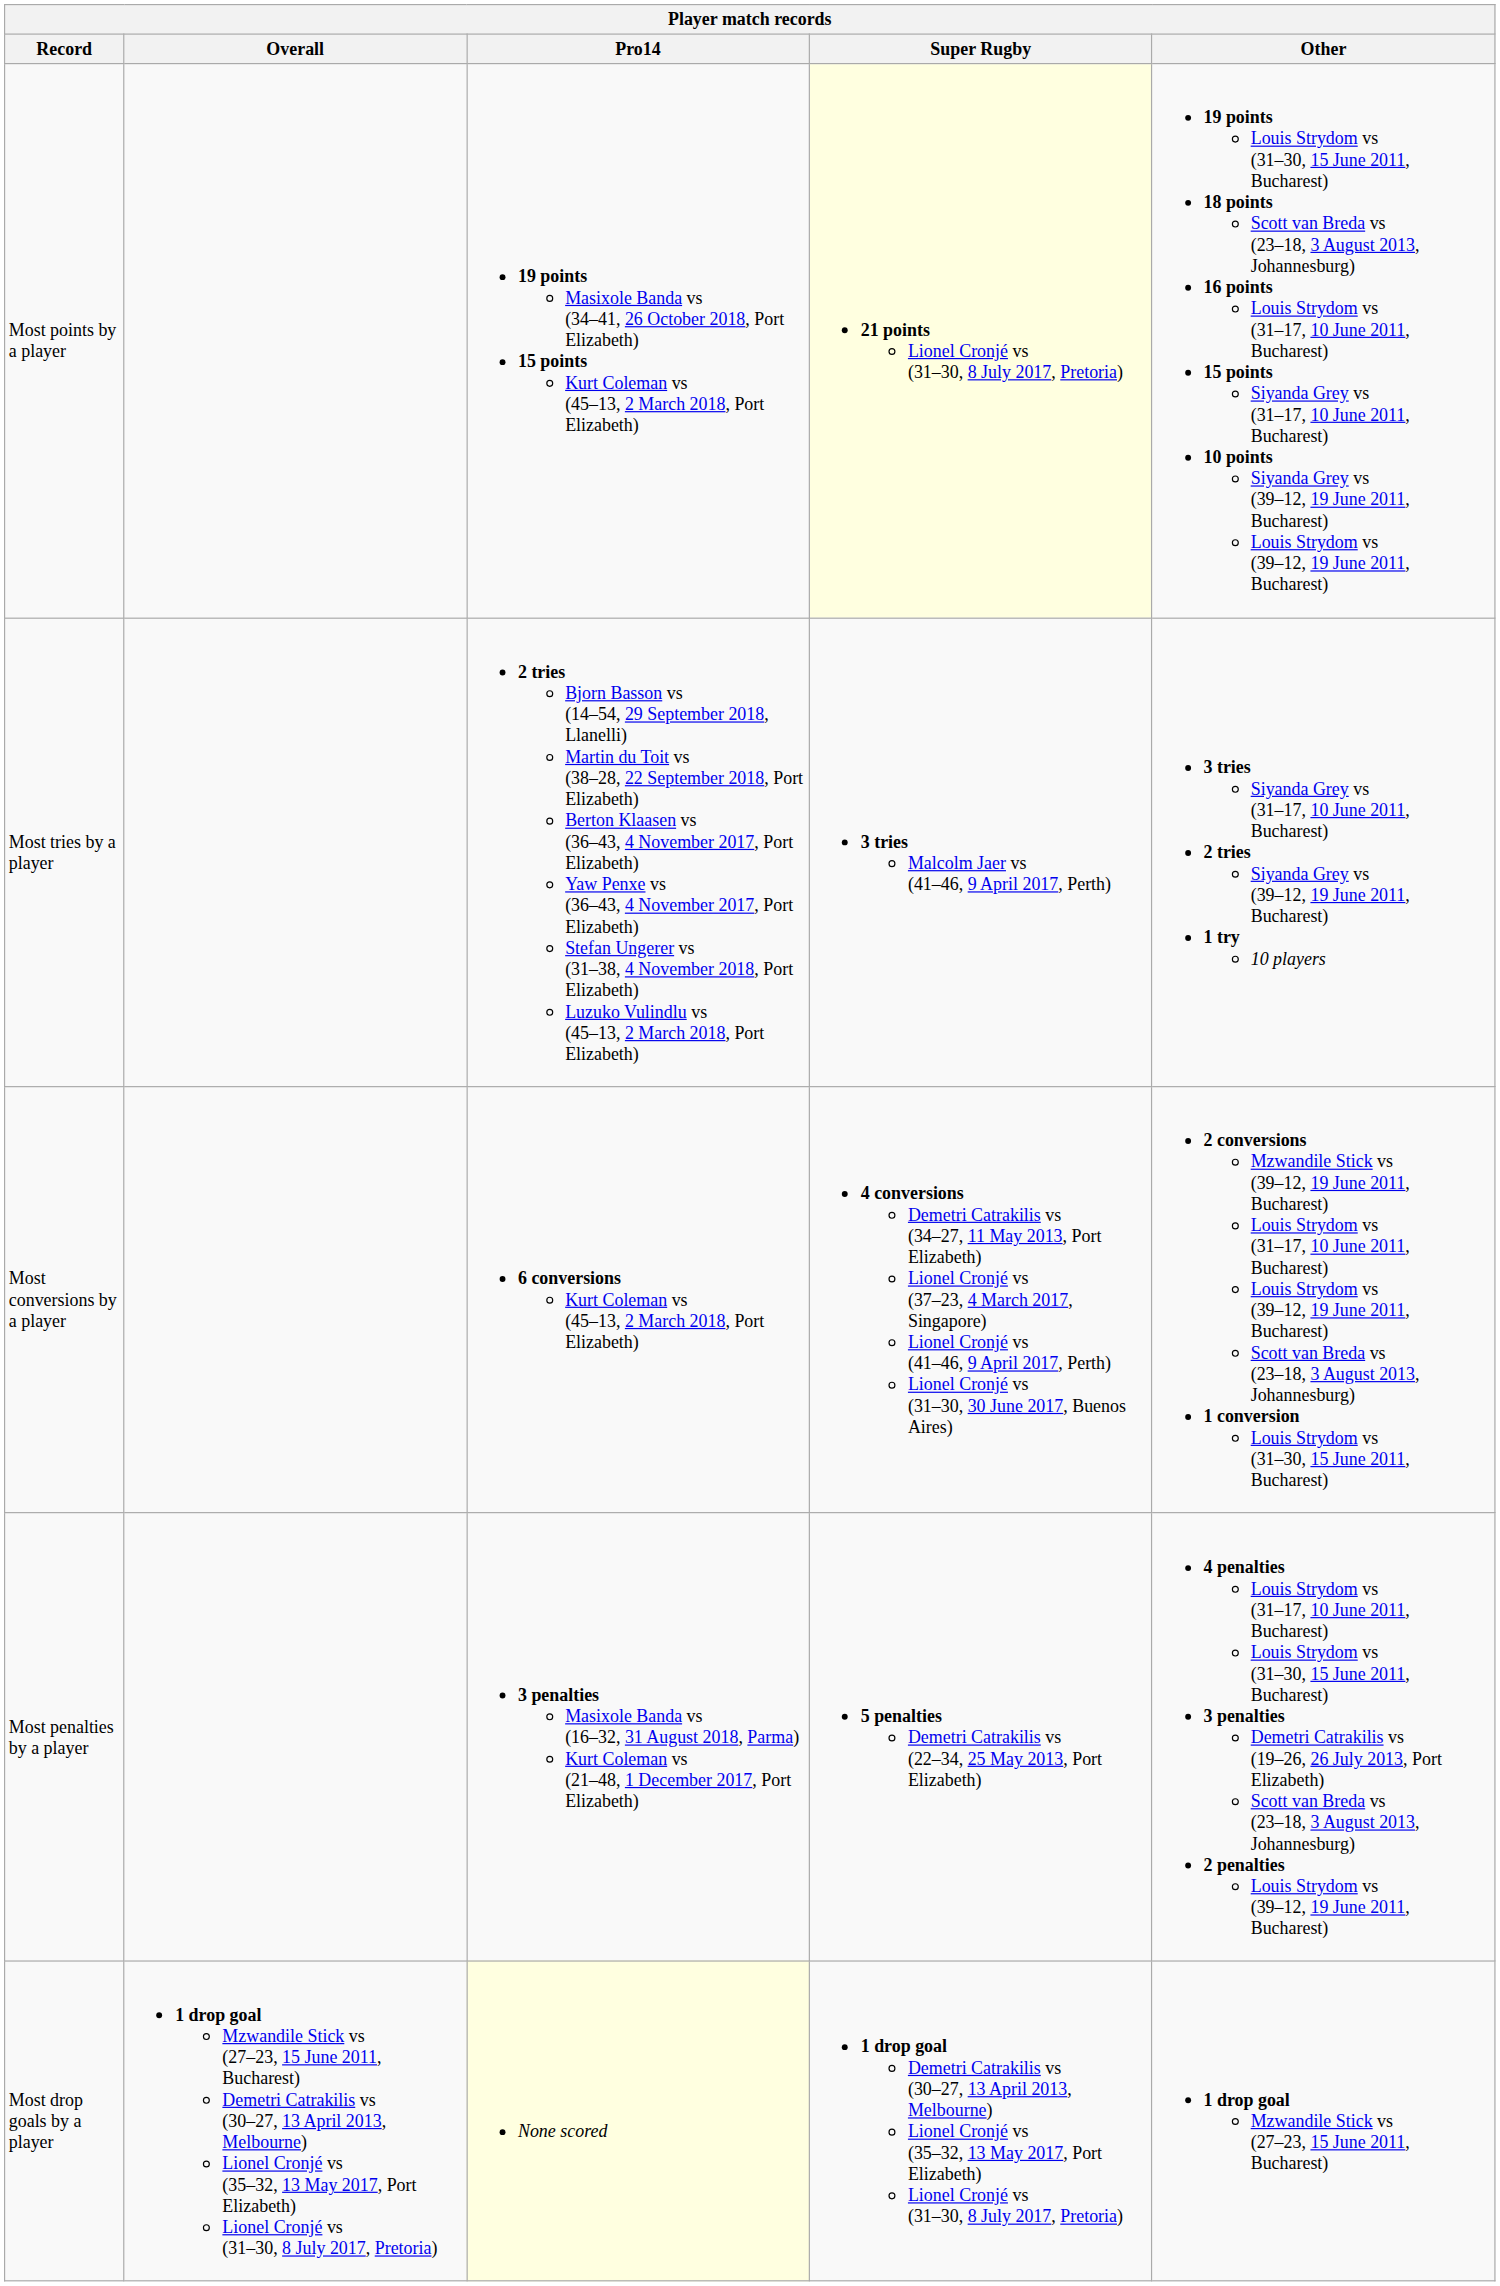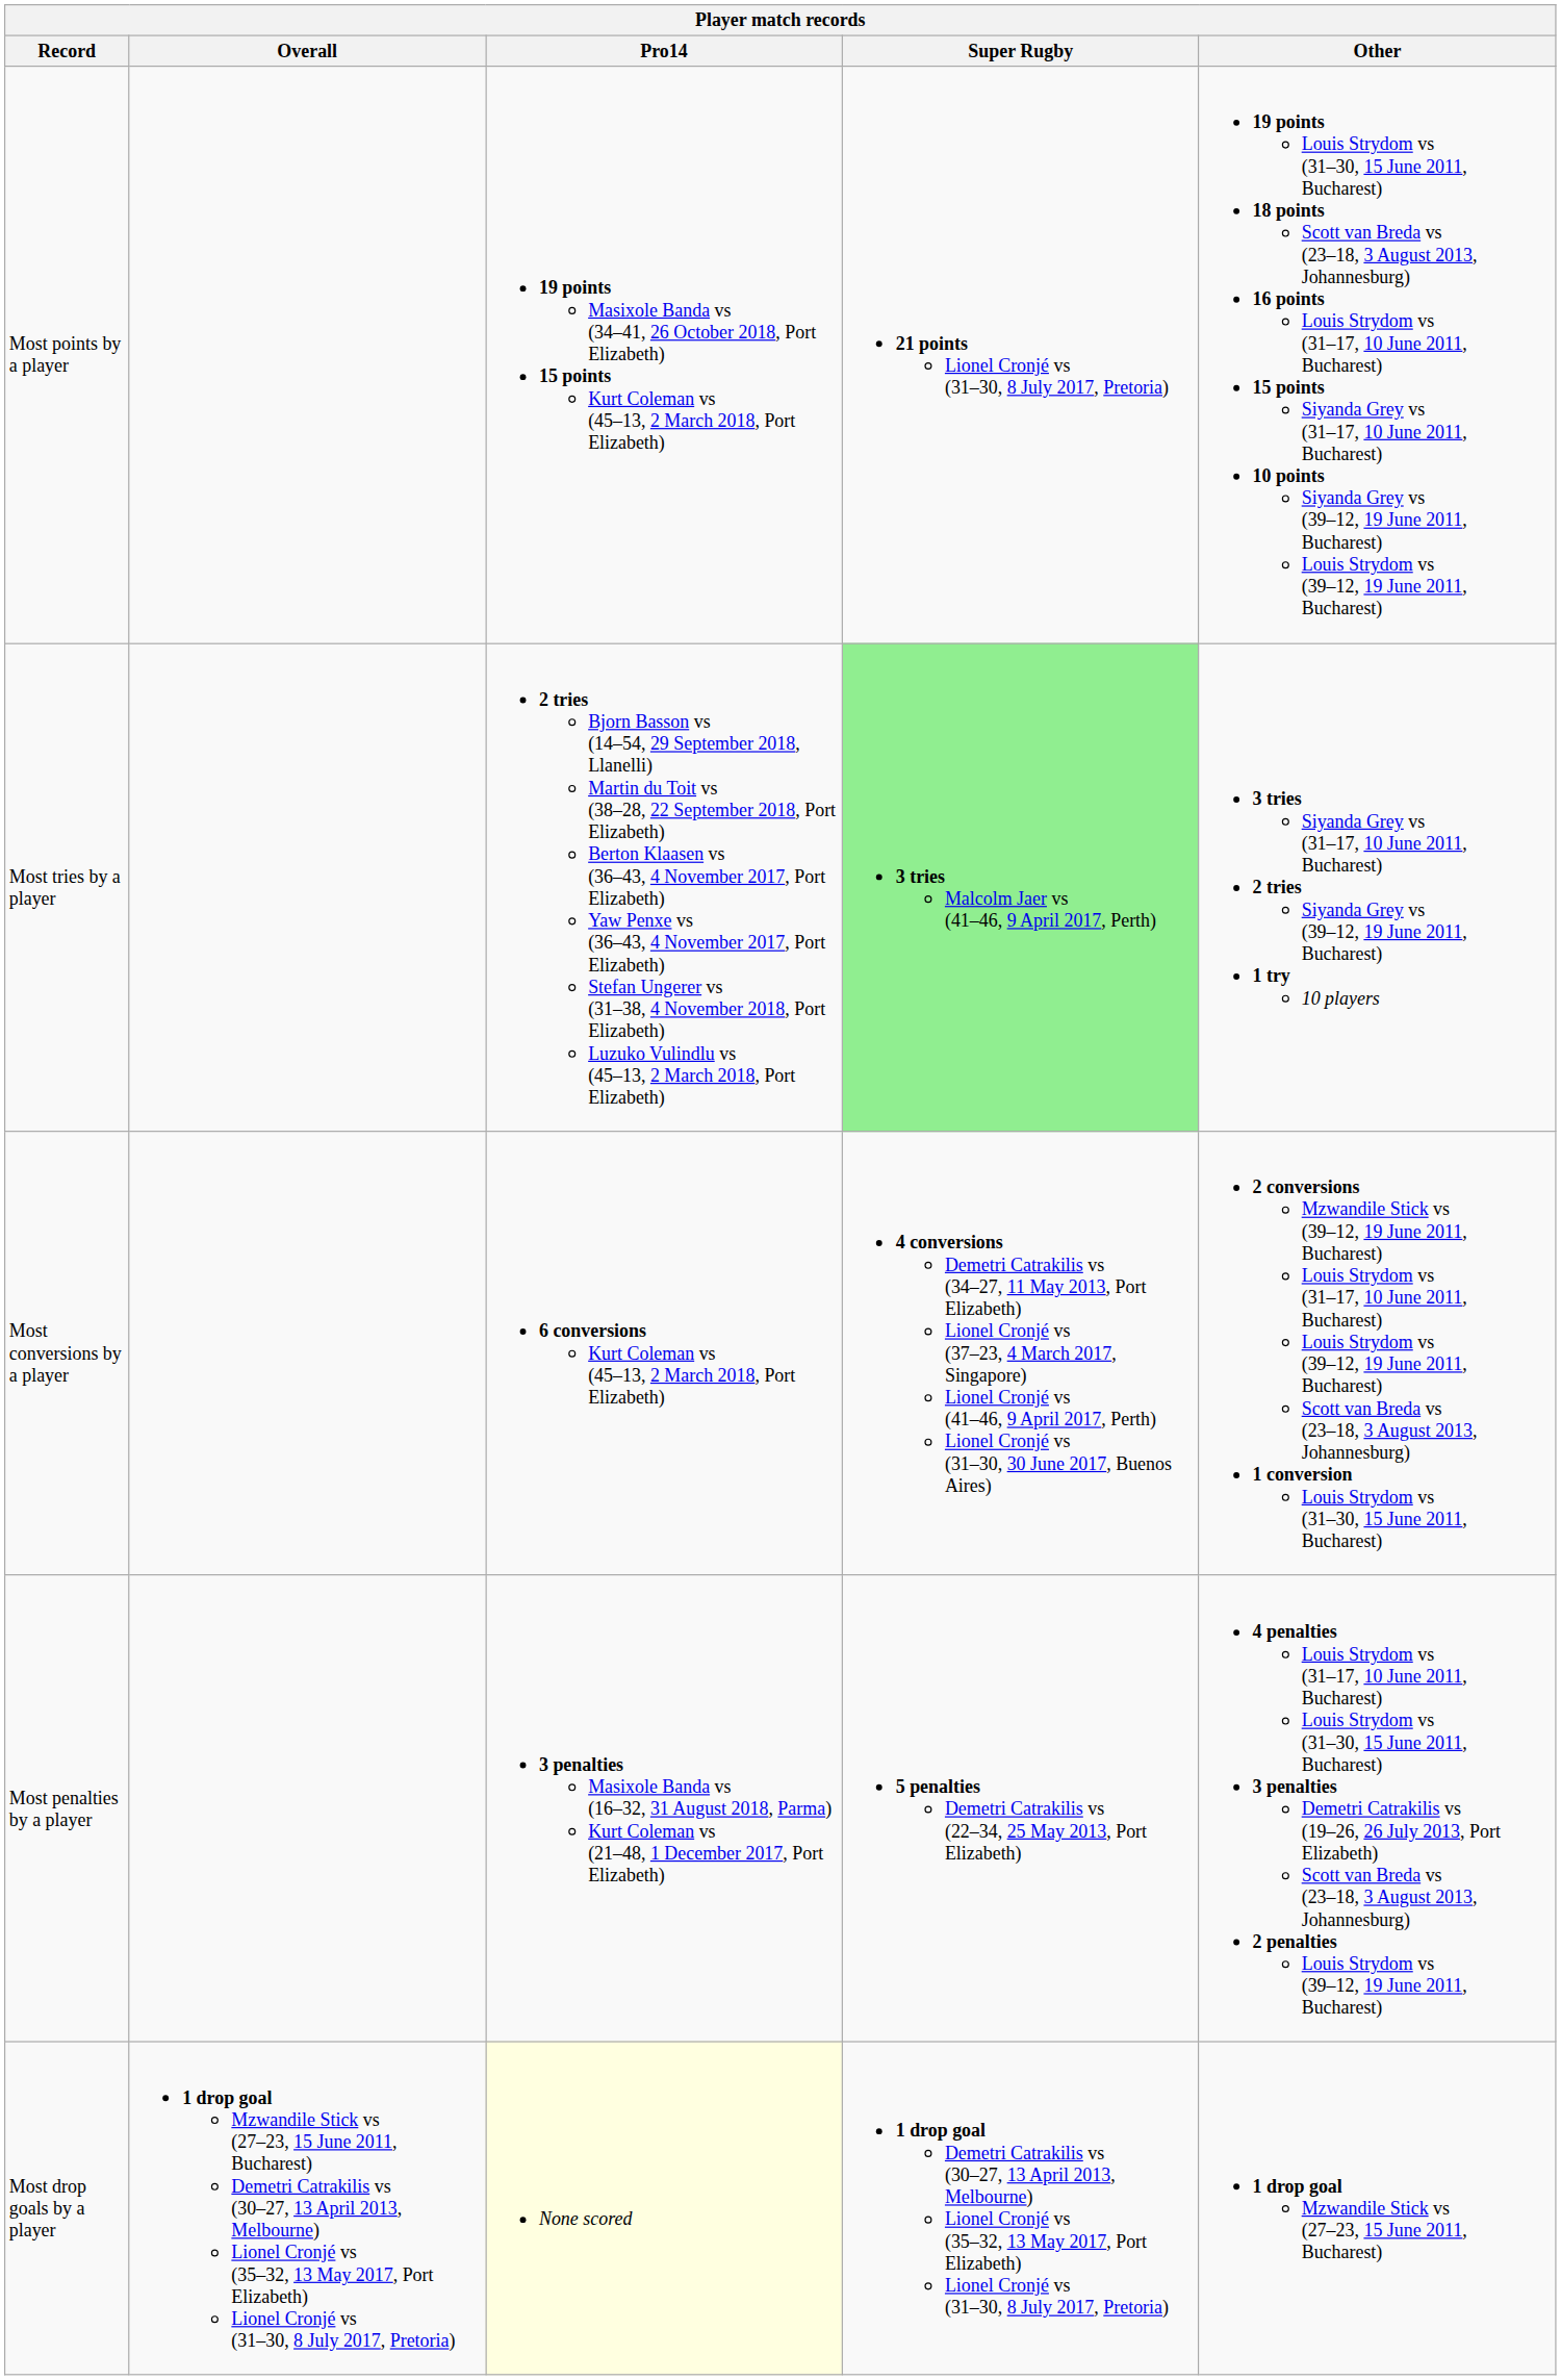 <table class="wikitable" style="text-align:left; font-size:95%; width:100%;">
 <tr>
 <th colspan="5">Player match records</th>
 </tr>
 <tr>
 <th style="width:8%;">Record</th>
 <th style="width:23%;">Overall</th>
 <th style="width:23%;">Pro14</th>
 <th style="width:23%;">Super Rugby</th>
 <th style="width:23%;">Other</th>
 </tr>
 <tr>
 <td>Most points by a player </td>
 <td></td>
 <td><br><ul><li><strong>19 points</strong><ul><li><a href='#'>Masixole Banda</a> vs <br>(34–41, <a href='#'>26 October 2018</a>, Port Elizabeth)</li></ul></li><li><strong>15 points</strong><ul><li><a href='#'>Kurt Coleman</a> vs <br>(45–13, <a href='#'>2 March 2018</a>, Port Elizabeth)</li></ul></li></ul></td>
-<td style="background: lightyellow;"><br><ul><li><strong>21 points</strong><ul><li><a href='#'>Lionel Cronjé</a> vs <br>(31–30, <a href='#'>8 July 2017</a>, <a href='#'>Pretoria</a>)</li></ul></li></ul></td>
+<td><br><ul><li><strong>21 points</strong><ul><li><a href='#'>Lionel Cronjé</a> vs <br>(31–30, <a href='#'>8 July 2017</a>, <a href='#'>Pretoria</a>)</li></ul></li></ul></td>
 <td><br><ul><li><strong>19 points</strong><ul><li><a href='#'>Louis Strydom</a> vs <br>(31–30, <a href='#'>15 June 2011</a>, Bucharest)</li></ul></li><li><strong>18 points</strong><ul><li><a href='#'>Scott van Breda</a> vs <br>(23–18, <a href='#'>3 August 2013</a>, Johannesburg)</li></ul></li><li><strong>16 points</strong><ul><li><a href='#'>Louis Strydom</a> vs <br>(31–17, <a href='#'>10 June 2011</a>, Bucharest)</li></ul></li><li><strong>15 points</strong><ul><li><a href='#'>Siyanda Grey</a> vs <br>(31–17, <a href='#'>10 June 2011</a>, Bucharest)</li></ul></li><li><strong>10 points</strong><ul><li><a href='#'>Siyanda Grey</a> vs <br>(39–12, <a href='#'>19 June 2011</a>, Bucharest)</li><li><a href='#'>Louis Strydom</a> vs <br>(39–12, <a href='#'>19 June 2011</a>, Bucharest)</li></ul></li></ul></td>
 </tr>
 <tr>
 <td>Most tries by a player </td>
 <td></td>
 <td><br><ul><li><strong>2 tries</strong><ul><li><a href='#'>Bjorn Basson</a> vs <br>(14–54, <a href='#'>29 September 2018</a>, Llanelli)</li><li><a href='#'>Martin du Toit</a> vs <br>(38–28, <a href='#'>22 September 2018</a>, Port Elizabeth)</li><li><a href='#'>Berton Klaasen</a> vs <br>(36–43, <a href='#'>4 November 2017</a>, Port Elizabeth)</li><li><a href='#'>Yaw Penxe</a> vs <br>(36–43, <a href='#'>4 November 2017</a>, Port Elizabeth)</li><li><a href='#'>Stefan Ungerer</a> vs <br>(31–38, <a href='#'>4 November 2018</a>, Port Elizabeth)</li><li><a href='#'>Luzuko Vulindlu</a> vs <br>(45–13, <a href='#'>2 March 2018</a>, Port Elizabeth)</li></ul></li></ul></td>
-<td><br><ul><li><strong>3 tries</strong><ul><li><a href='#'>Malcolm Jaer</a> vs <br>(41–46, <a href='#'>9 April 2017</a>, Perth)</li></ul></li></ul></td>
+<td style="background: lightgreen;"><br><ul><li><strong>3 tries</strong><ul><li><a href='#'>Malcolm Jaer</a> vs <br>(41–46, <a href='#'>9 April 2017</a>, Perth)</li></ul></li></ul></td>
 <td><br><ul><li><strong>3 tries</strong><ul><li><a href='#'>Siyanda Grey</a> vs <br>(31–17, <a href='#'>10 June 2011</a>, Bucharest)</li></ul></li><li><strong>2 tries</strong><ul><li><a href='#'>Siyanda Grey</a> vs <br>(39–12, <a href='#'>19 June 2011</a>, Bucharest)</li></ul></li><li><strong>1 try</strong><ul><li><em>10 players</em></li></ul></li></ul></td>
 </tr>
 <tr>
 <td>Most conversions by a player </td>
 <td></td>
 <td><br><ul><li><strong>6 conversions</strong><ul><li><a href='#'>Kurt Coleman</a> vs <br>(45–13, <a href='#'>2 March 2018</a>, Port Elizabeth)</li></ul></li></ul></td>
 <td><br><ul><li><strong>4 conversions</strong><ul><li><a href='#'>Demetri Catrakilis</a> vs <br>(34–27, <a href='#'>11 May 2013</a>, Port Elizabeth)</li><li><a href='#'>Lionel Cronjé</a> vs <br>(37–23, <a href='#'>4 March 2017</a>, Singapore)</li><li><a href='#'>Lionel Cronjé</a> vs <br>(41–46, <a href='#'>9 April 2017</a>, Perth)</li><li><a href='#'>Lionel Cronjé</a> vs <br>(31–30, <a href='#'>30 June 2017</a>, Buenos Aires)</li></ul></li></ul></td>
 <td><br><ul><li><strong>2 conversions</strong><ul><li><a href='#'>Mzwandile Stick</a> vs <br>(39–12, <a href='#'>19 June 2011</a>, Bucharest)</li><li><a href='#'>Louis Strydom</a> vs <br>(31–17, <a href='#'>10 June 2011</a>, Bucharest)</li><li><a href='#'>Louis Strydom</a> vs <br>(39–12, <a href='#'>19 June 2011</a>, Bucharest)</li><li><a href='#'>Scott van Breda</a> vs <br>(23–18, <a href='#'>3 August 2013</a>, Johannesburg)</li></ul></li><li><strong>1 conversion</strong><ul><li><a href='#'>Louis Strydom</a> vs <br>(31–30, <a href='#'>15 June 2011</a>, Bucharest)</li></ul></li></ul></td>
 </tr>
 <tr>
 <td>Most penalties by a player </td>
 <td></td>
 <td><br><ul><li><strong>3 penalties</strong><ul><li><a href='#'>Masixole Banda</a> vs <br>(16–32, <a href='#'>31 August 2018</a>, <a href='#'>Parma</a>)</li><li><a href='#'>Kurt Coleman</a> vs <br>(21–48, <a href='#'>1 December 2017</a>, Port Elizabeth)</li></ul></li></ul></td>
 <td><br><ul><li><strong>5 penalties</strong><ul><li><a href='#'>Demetri Catrakilis</a> vs <br>(22–34, <a href='#'>25 May 2013</a>, Port Elizabeth)</li></ul></li></ul></td>
 <td><br><ul><li><strong>4 penalties</strong><ul><li><a href='#'>Louis Strydom</a> vs <br>(31–17, <a href='#'>10 June 2011</a>, Bucharest)</li><li><a href='#'>Louis Strydom</a> vs <br>(31–30, <a href='#'>15 June 2011</a>, Bucharest)</li></ul></li><li><strong>3 penalties</strong><ul><li><a href='#'>Demetri Catrakilis</a> vs <br>(19–26, <a href='#'>26 July 2013</a>, Port Elizabeth)</li><li><a href='#'>Scott van Breda</a> vs <br>(23–18, <a href='#'>3 August 2013</a>, Johannesburg)</li></ul></li><li><strong>2 penalties</strong><ul><li><a href='#'>Louis Strydom</a> vs <br>(39–12, <a href='#'>19 June 2011</a>, Bucharest)</li></ul></li></ul></td>
 </tr>
 <tr>
 <td>Most drop goals by a player</td>
 <td><br><ul><li><strong>1 drop goal</strong><ul><li><a href='#'>Mzwandile Stick</a> vs <br>(27–23, <a href='#'>15 June 2011</a>, Bucharest)</li><li><a href='#'>Demetri Catrakilis</a> vs <br>(30–27, <a href='#'>13 April 2013</a>, <a href='#'>Melbourne</a>)</li><li><a href='#'>Lionel Cronjé</a> vs <br>(35–32, <a href='#'>13 May 2017</a>, Port Elizabeth)</li><li><a href='#'>Lionel Cronjé</a> vs <br>(31–30, <a href='#'>8 July 2017</a>, <a href='#'>Pretoria</a>)</li></ul></li></ul></td>
 <td style="background: lightyellow;"><br><ul><li><em>None scored</em></li></ul></td>
 <td><br><ul><li><strong>1 drop goal</strong><ul><li><a href='#'>Demetri Catrakilis</a> vs <br>(30–27, <a href='#'>13 April 2013</a>, <a href='#'>Melbourne</a>)</li><li><a href='#'>Lionel Cronjé</a> vs <br>(35–32, <a href='#'>13 May 2017</a>, Port Elizabeth)</li><li><a href='#'>Lionel Cronjé</a> vs <br>(31–30, <a href='#'>8 July 2017</a>, <a href='#'>Pretoria</a>)</li></ul></li></ul></td>
 <td><br><ul><li><strong>1 drop goal</strong><ul><li><a href='#'>Mzwandile Stick</a> vs <br>(27–23, <a href='#'>15 June 2011</a>, Bucharest)</li></ul></li></ul></td>
 </tr>
 </table>
